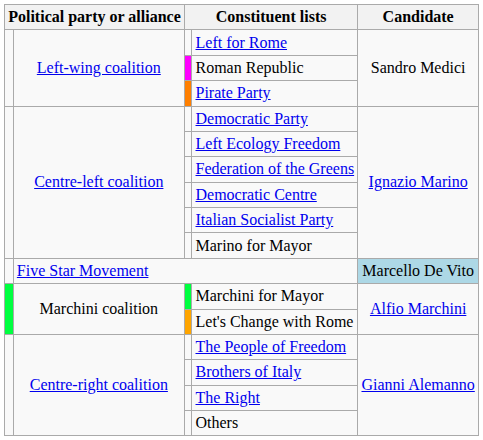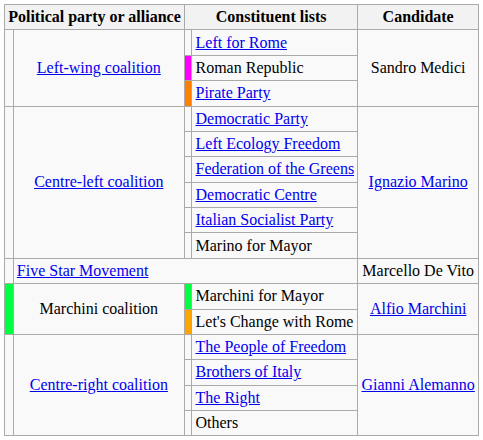 <table class=wikitable style="text-align:left">
 <tr>
 <th colspan=2>Political party or alliance</th>
 <th colspan=2>Constituent lists</th>
 <th>Candidate</th>
 </tr>
 <tr>
 <td rowspan="3" style="background:"></td>
 <td rowspan=3 style="text-align:center;"><a href='#'>Left-wing coalition</a></td>
 <td></td>
 <td style="text-align:left;"><a href='#'>Left for Rome</a></td>
 <td rowspan="3" style="text-align:center;">Sandro Medici</td>
 </tr>
 <tr>
 <td bgcolor="magenta"></td>
 <td style="text-align:left;">Roman Republic</td>
 </tr>
 <tr>
 <td bgcolor="#FF7F00"></td>
 <td style="text-align:left;"><a href='#'>Pirate Party</a></td>
 </tr>
 <tr>
 <td rowspan=6 style="background-color:"></td>
 <td rowspan=6 style="text-align:center;"><a href='#'>Centre-left coalition</a></td>
 <td></td>
 <td style="text-align:left;"><a href='#'>Democratic Party</a></td>
 <td rowspan=6 style="text-align:center;"><a href='#'>Ignazio Marino</a></td>
 </tr>
 <tr>
 <td></td>
 <td style="text-align:left;"><a href='#'>Left Ecology Freedom</a></td>
 </tr>
 <tr>
 <td></td>
 <td style="text-align:left;"><a href='#'>Federation of the Greens</a></td>
 </tr>
 <tr>
 <td></td>
 <td style="text-align:left;"><a href='#'>Democratic Centre</a></td>
 </tr>
 <tr>
 <td></td>
 <td style="text-align:left;"><a href='#'>Italian Socialist Party</a></td>
 </tr>
 <tr>
 <td></td>
 <td style="text-align:left;">Marino for Mayor</td>
 </tr>
 <tr>
 <td style="background-color:"></td>
 <td colspan=3  style="text-align:left;"><a href='#'>Five Star Movement</a></td>
-<td style="background: lightblue; text-align:center;">Marcello De Vito</td>
+<td style="text-align:center;">Marcello De Vito</td>
 </tr>
 <tr>
 <td rowspan=2 style="background-color:#00FF40"></td>
 <td rowspan=2  style="text-align:center;">Marchini coalition</td>
 <td bgcolor="#00FF40"></td>
 <td style="text-align:left;">Marchini for Mayor</td>
 <td rowspan=2 style="text-align:center;"><a href='#'>Alfio Marchini</a></td>
 </tr>
 <tr>
 <td bgcolor="orange"></td>
 <td style="text-align:left;">Let's Change with Rome</td>
 </tr>
 <tr>
 <td rowspan="4" style="background:"></td>
 <td rowspan=4 style="text-align:center;"><a href='#'>Centre-right coalition</a></td>
 <td></td>
 <td style="text-align:left;"><a href='#'>The People of Freedom</a></td>
 <td rowspan="4" style="text-align:center;"><a href='#'>Gianni Alemanno</a></td>
 </tr>
 <tr>
 <td></td>
 <td style="text-align:left;"><a href='#'>Brothers of Italy</a></td>
 </tr>
 <tr>
 <td></td>
 <td style="text-align:left;"><a href='#'>The Right</a></td>
 </tr>
 <tr>
 <td></td>
 <td style="text-align:left;">Others</td>
 </tr>
 </table>
